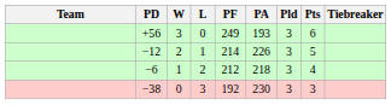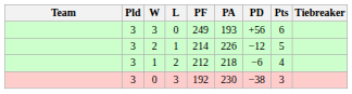 <table class="wikitable" style="text-align:center;">
 <tr>
 <th width=170>Team</th>
-<th width=35>PD</th>
+<th width=25>Pld</th>
 <th width=25>W</th>
 <th width=25>L</th>
 <th width=35>PF</th>
 <th width=35>PA</th>
-<th width=25>Pld</th>
+<th width=35>PD</th>
 <th width=25>Pts</th>
 <th width=50>Tiebreaker</th>
 </tr>
 <tr bgcolor=#ccffcc>
 <td align="left"></td>
-<td>+56</td>
+<td>3</td>
 <td>3</td>
 <td>0</td>
 <td>249</td>
 <td>193</td>
-<td>3</td>
+<td>+56</td>
 <td>6</td>
 <td></td>
 </tr>
 <tr bgcolor=#ccffcc>
 <td align="left"></td>
-<td>−12</td>
+<td>3</td>
 <td>2</td>
 <td>1</td>
 <td>214</td>
 <td>226</td>
-<td>3</td>
+<td>−12</td>
 <td>5</td>
 <td></td>
 </tr>
 <tr bgcolor=#ccffcc>
 <td align="left"></td>
-<td>−6</td>
+<td>3</td>
 <td>1</td>
 <td>2</td>
 <td>212</td>
 <td>218</td>
-<td>3</td>
+<td>−6</td>
 <td>4</td>
 <td></td>
 </tr>
 <tr bgcolor=#ffcccc>
 <td align="left"></td>
-<td>−38</td>
+<td>3</td>
 <td>0</td>
 <td>3</td>
 <td>192</td>
 <td>230</td>
-<td>3</td>
+<td>−38</td>
 <td>3</td>
 <td></td>
 </tr>
 </table>
